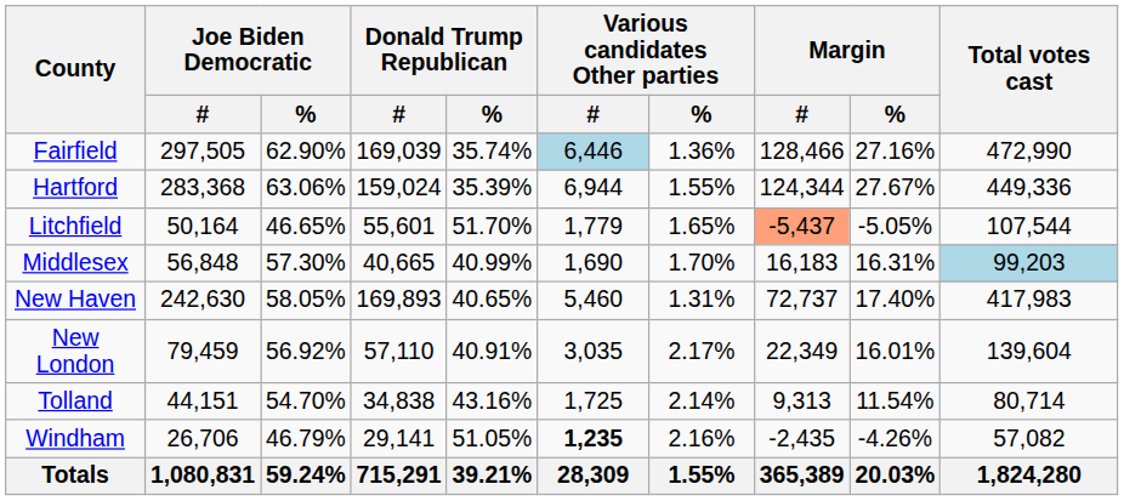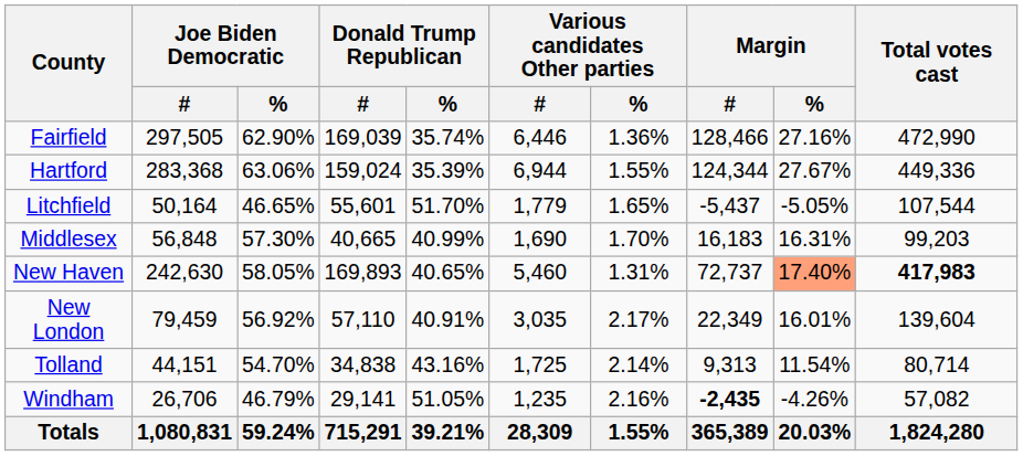 <table width="60%"  class="wikitable sortable" style="text-align:center">
 <tr>
 <th style="text-align:center;" rowspan="2">County</th>
 <th style="text-align:center;" colspan="2">Joe Biden<br>Democratic</th>
 <th style="text-align:center;" colspan="2">Donald Trump<br>Republican</th>
 <th style="text-align:center;" colspan="2">Various candidates<br>Other parties</th>
 <th style="text-align:center;" colspan="2">Margin</th>
 <th style="text-align:center;" rowspan="2">Total votes cast</th>
 </tr>
 <tr style="text-align:center;">
 <th style="text-align:center;" data-sort-type="number">#</th>
 <th style="text-align:center;" data-sort-type="number">%</th>
 <th style="text-align:center;" data-sort-type="number">#</th>
 <th style="text-align:center;" data-sort-type="number">%</th>
 <th style="text-align:center;" data-sort-type="number">#</th>
 <th style="text-align:center;" data-sort-type="number">%</th>
 <th style="text-align:center;" data-sort-type="number">#</th>
 <th style="text-align:center;" data-sort-type="number">%</th>
 </tr>
 <tr style="text-align:center;">
 <td><a href='#'>Fairfield</a></td>
 <td>297,505</td>
 <td>62.90%</td>
 <td>169,039</td>
 <td>35.74%</td>
-<td style="background: lightblue;">6,446</td>
+<td>6,446</td>
 <td>1.36%</td>
 <td>128,466</td>
 <td>27.16%</td>
 <td>472,990</td>
 </tr>
 <tr style="text-align:center;">
 <td><a href='#'>Hartford</a></td>
 <td>283,368</td>
 <td>63.06%</td>
 <td>159,024</td>
 <td>35.39%</td>
 <td>6,944</td>
 <td>1.55%</td>
 <td>124,344</td>
 <td>27.67%</td>
 <td>449,336</td>
 </tr>
 <tr style="text-align:center;">
 <td><a href='#'>Litchfield</a></td>
 <td>50,164</td>
 <td>46.65%</td>
 <td>55,601</td>
 <td>51.70%</td>
 <td>1,779</td>
 <td>1.65%</td>
-<td style="background: lightsalmon;">-5,437</td>
+<td>-5,437</td>
 <td>-5.05%</td>
 <td>107,544</td>
 </tr>
 <tr style="text-align:center;">
 <td><a href='#'>Middlesex</a></td>
 <td>56,848</td>
 <td>57.30%</td>
 <td>40,665</td>
 <td>40.99%</td>
 <td>1,690</td>
 <td>1.70%</td>
 <td>16,183</td>
 <td>16.31%</td>
-<td style="background: lightblue;">99,203</td>
+<td>99,203</td>
 </tr>
 <tr style="text-align:center;">
 <td><a href='#'>New Haven</a></td>
 <td>242,630</td>
 <td>58.05%</td>
 <td>169,893</td>
 <td>40.65%</td>
 <td>5,460</td>
 <td>1.31%</td>
 <td>72,737</td>
-<td>17.40%</td>
-<td>417,983</td>
+<td style="background: lightsalmon;">17.40%</td>
+<td><strong>417,983</strong></td>
 </tr>
 <tr style="text-align:center;">
 <td><a href='#'>New London</a></td>
 <td>79,459</td>
 <td>56.92%</td>
 <td>57,110</td>
 <td>40.91%</td>
 <td>3,035</td>
 <td>2.17%</td>
 <td>22,349</td>
 <td>16.01%</td>
 <td>139,604</td>
 </tr>
 <tr style="text-align:center;">
 <td><a href='#'>Tolland</a></td>
 <td>44,151</td>
 <td>54.70%</td>
 <td>34,838</td>
 <td>43.16%</td>
 <td>1,725</td>
 <td>2.14%</td>
 <td>9,313</td>
 <td>11.54%</td>
 <td>80,714</td>
 </tr>
 <tr style="text-align:center;">
 <td><a href='#'>Windham</a></td>
 <td>26,706</td>
 <td>46.79%</td>
 <td>29,141</td>
 <td>51.05%</td>
-<td><strong>1,235</strong></td>
+<td>1,235</td>
 <td>2.16%</td>
-<td>-2,435</td>
+<td><strong>-2,435</strong></td>
 <td>-4.26%</td>
 <td>57,082</td>
 </tr>
 <tr style="text-align:center;">
 <th>Totals</th>
 <th>1,080,831</th>
 <th>59.24%</th>
 <th>715,291</th>
 <th>39.21%</th>
 <th>28,309</th>
 <th>1.55%</th>
 <th>365,389</th>
 <th>20.03%</th>
 <th>1,824,280</th>
 </tr>
 </table>
